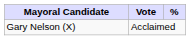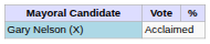 <table class="wikitable">
 <tr>
 <th style="background:#ddf; width:200px;">Mayoral Candidate</th>
 <th style="background:#ddf; width:50px;">Vote</th>
 <th style="background:#ddf; width:30px;">%</th>
 </tr>
 <tr>
-<td>Gary Nelson (X)</td>
+<td style="background: lightblue;">Gary Nelson (X)</td>
 <td colspan="2">Acclaimed</td>
 </tr>
 </table>
